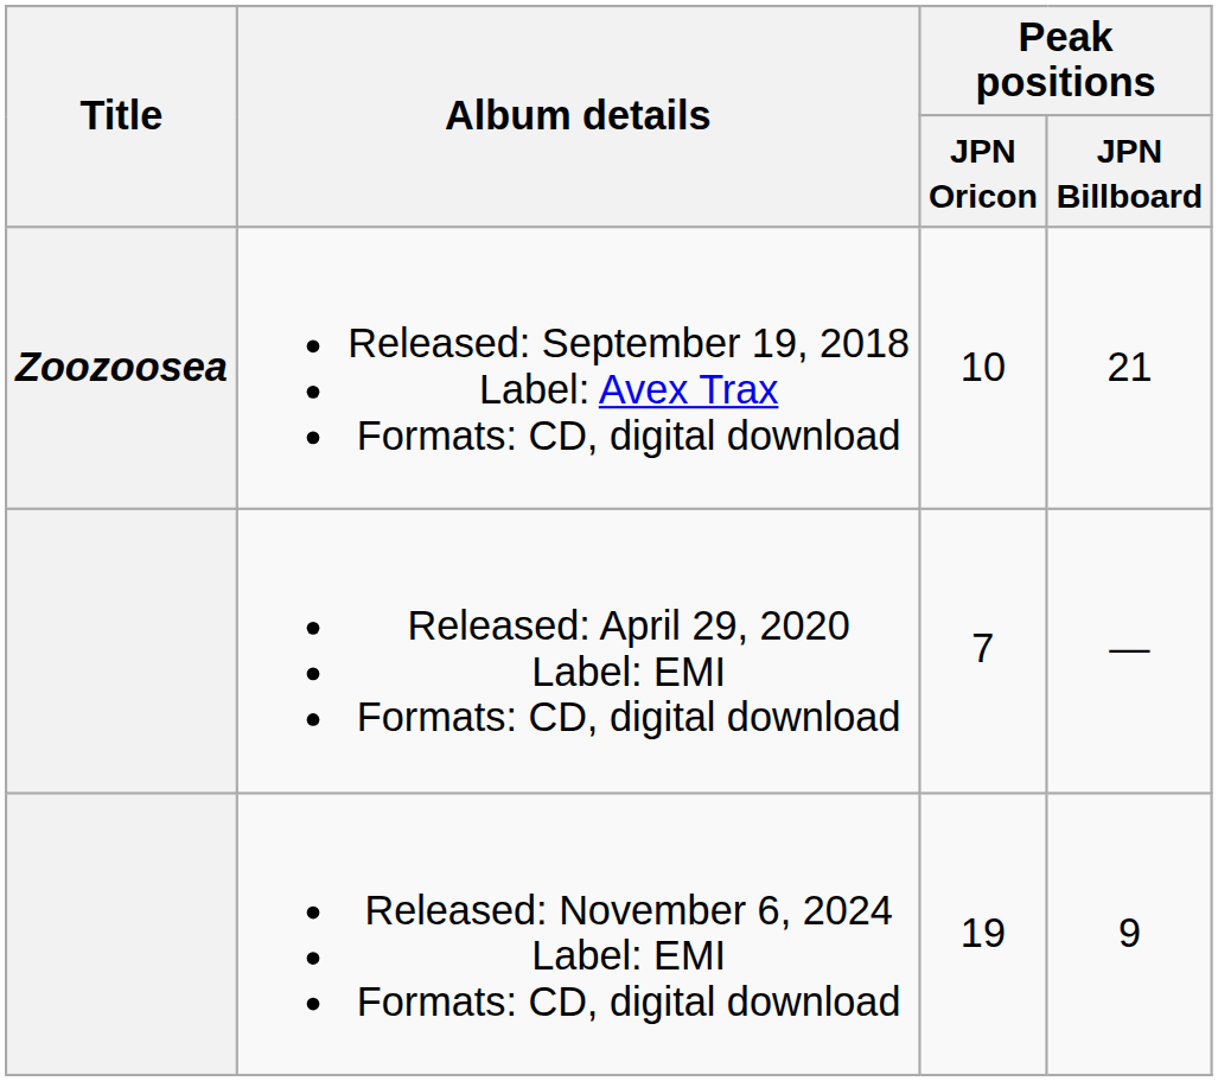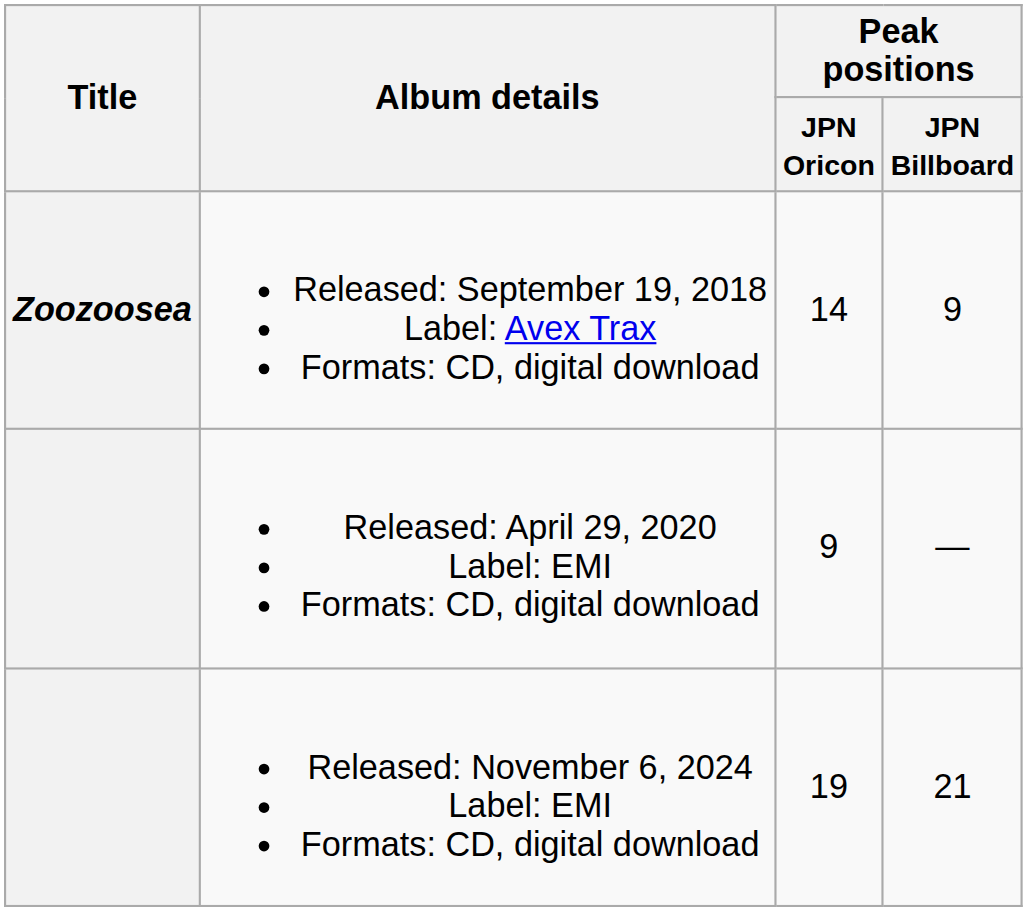 <table class="wikitable plainrowheaders" style="text-align:center;">
 <tr>
 <th scope="col" rowspan="2">Title</th>
 <th scope="col" rowspan="2">Album details</th>
 <th scope="col" colspan="2">Peak <br> positions</th>
 </tr>
 <tr>
 <th scope="col"><small>JPN<br>Oricon</small><br></th>
 <th scope="col"><small>JPN<br>Billboard</small><br></th>
 </tr>
 <tr>
 <th scope="row"><em>Zoozoosea</em></th>
 <td><br><ul><li>Released: September 19, 2018</li><li>Label: <a href='#'>Avex Trax</a></li><li>Formats: CD, digital download</li></ul></td>
-<td>10</td>
-<td>21</td>
+<td>14</td>
+<td>9</td>
 </tr>
 <tr>
 <th scope="row"><em></em></th>
 <td><br><ul><li>Released: April 29, 2020</li><li>Label: EMI</li><li>Formats: CD, digital download</li></ul></td>
-<td>7</td>
+<td>9</td>
 <td>—</td>
 </tr>
 <tr>
 <th scope="row"></th>
 <td><br><ul><li>Released: November 6, 2024</li><li>Label: EMI</li><li>Formats: CD, digital download</li></ul></td>
 <td>19</td>
-<td>9</td>
+<td>21</td>
 </tr>
 </table>
